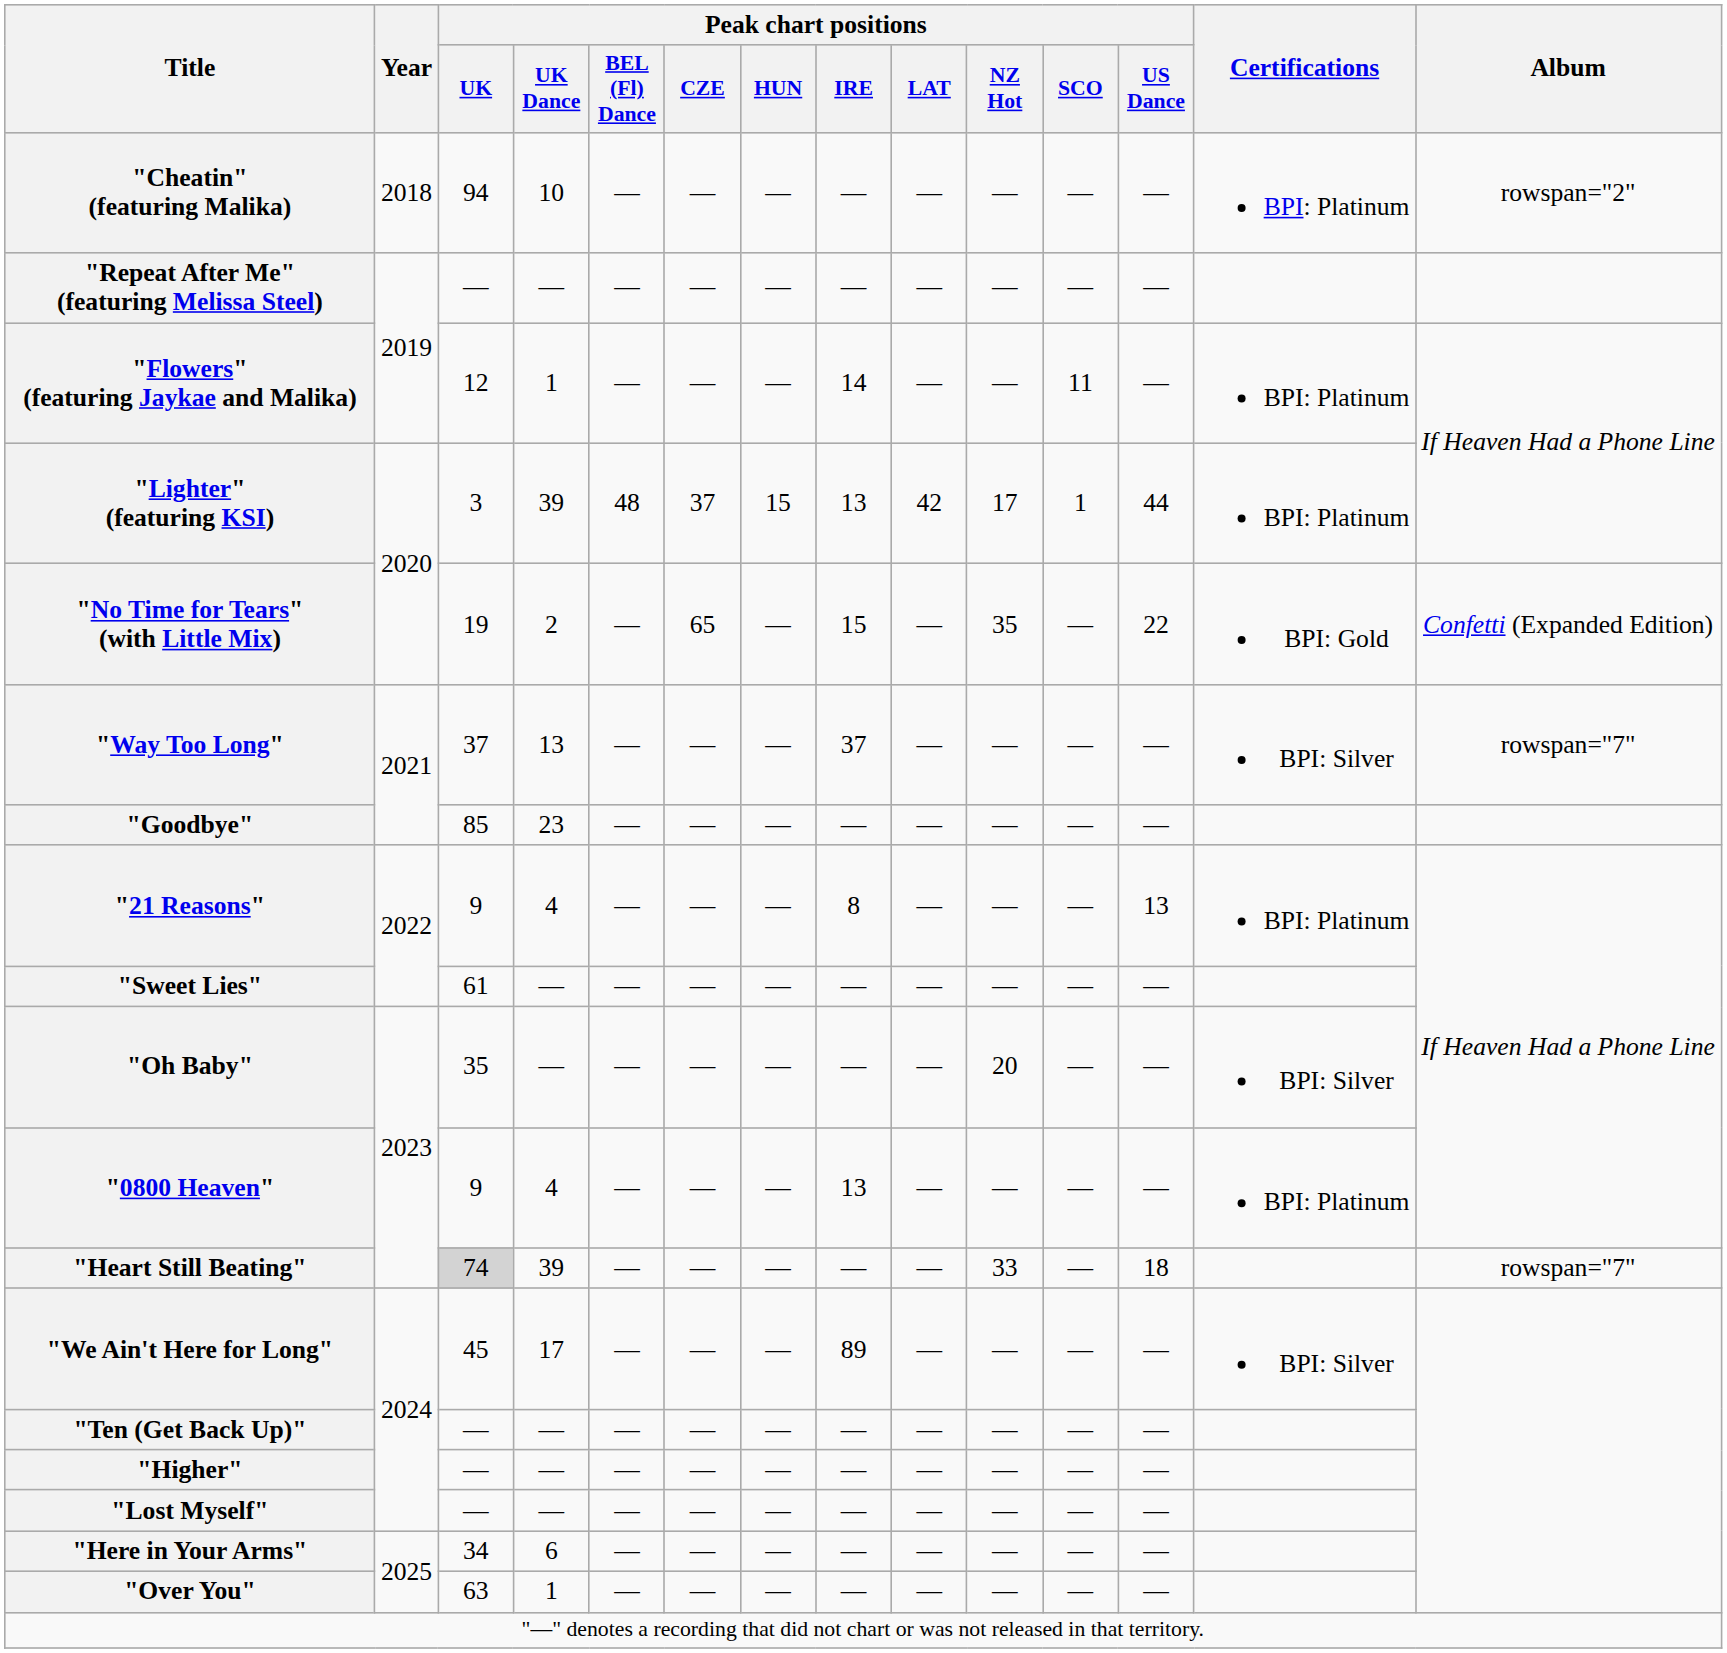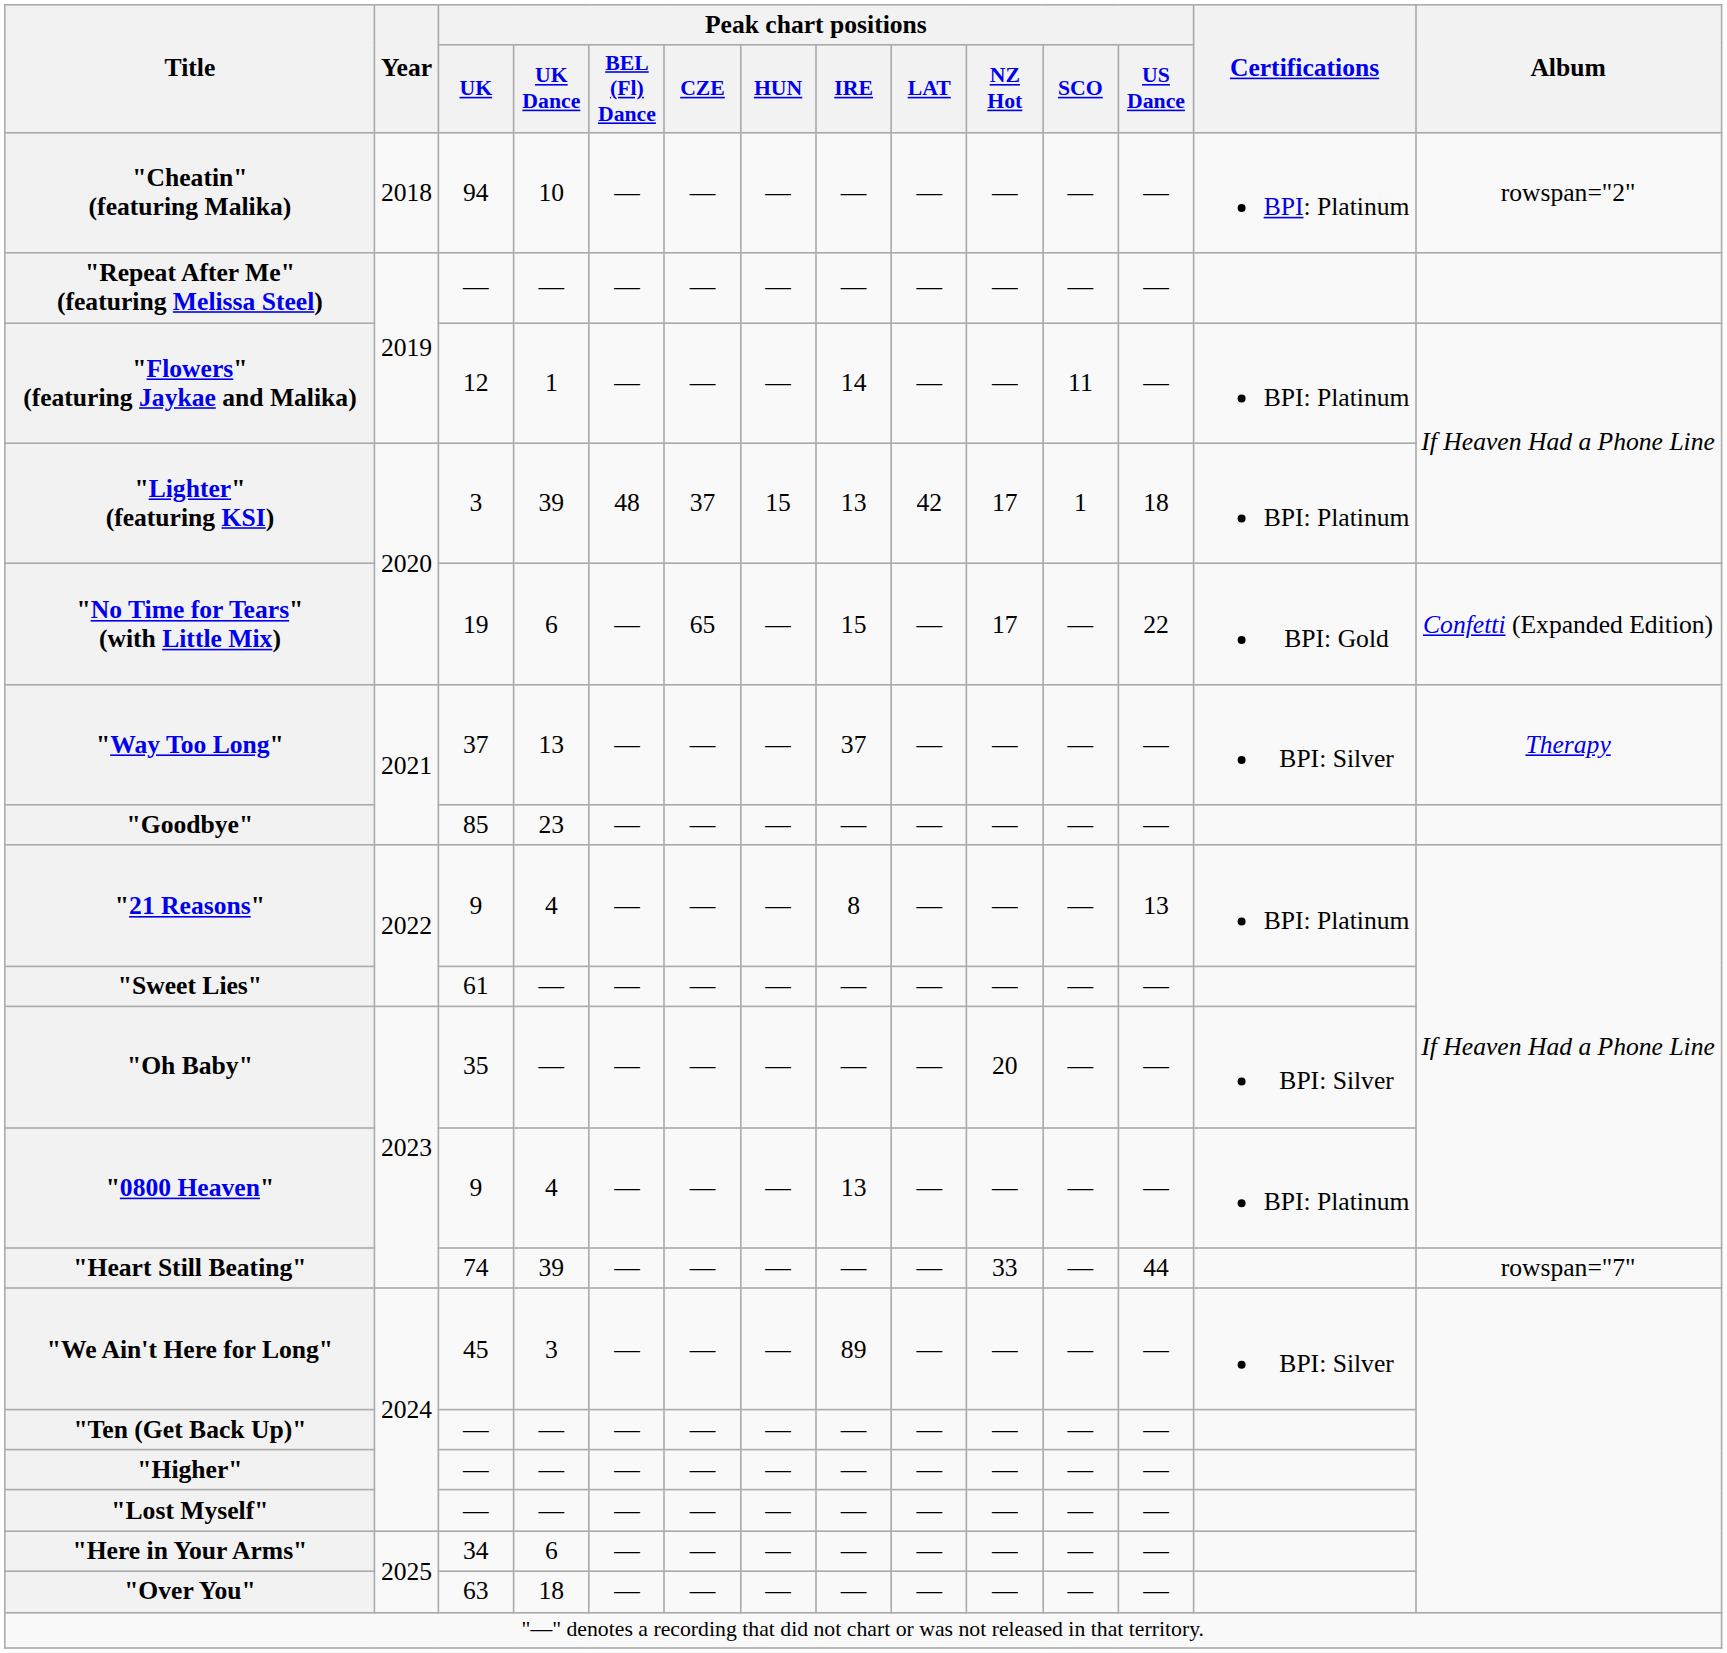 <table class="wikitable plainrowheaders" style="text-align:center;">
 <tr>
 <th scope="col" rowspan="2" style="width:14em;">Title</th>
 <th scope="col" rowspan="2" style="width:1em;">Year</th>
 <th scope="col" colspan="10">Peak chart positions</th>
 <th scope="col" rowspan="2"><a href='#'>Certifications</a></th>
 <th scope="col" rowspan="2">Album</th>
 </tr>
 <tr>
 <th scope="col" style="width:3em;font-size:85%;"><a href='#'>UK</a><br></th>
 <th scope="col" style="width:3em;font-size:85%;"><a href='#'>UK Dance</a><br></th>
 <th scope="col" style="width:3em;font-size:85%;"><a href='#'>BEL (Fl) Dance</a><br></th>
 <th scope="col" style="width:3em;font-size:85%;"><a href='#'>CZE</a><br></th>
 <th scope="col" style="width:3em;font-size:85%;"><a href='#'>HUN</a><br></th>
 <th scope="col" style="width:3em;font-size:85%;"><a href='#'>IRE</a><br></th>
 <th scope="col" style="width:3em;font-size:85%;"><a href='#'>LAT</a><br></th>
 <th scope="col" style="width:3em;font-size:85%;"><a href='#'>NZ<br>Hot</a><br></th>
 <th scope="col" style="width:3em;font-size:85%;"><a href='#'>SCO</a><br></th>
 <th scope="col" style="width:3em;font-size:85%;"><a href='#'>US Dance</a><br></th>
 </tr>
 <tr>
 <th scope="row">"Cheatin"<br><span>(featuring Malika)</span></th>
 <td>2018</td>
 <td>94</td>
 <td>10</td>
 <td>—</td>
 <td>—</td>
 <td>—</td>
 <td>—</td>
 <td>—</td>
 <td>—</td>
 <td>—</td>
 <td>—</td>
 <td><br><ul><li><a href='#'>BPI</a>: Platinum</li></ul></td>
 <td>rowspan="2" </td>
 </tr>
 <tr>
 <th scope="row">"Repeat After Me"<br><span>(featuring <a href='#'>Melissa Steel</a>)</span></th>
 <td rowspan="2">2019</td>
 <td>—</td>
 <td>—</td>
 <td>—</td>
 <td>—</td>
 <td>—</td>
 <td>—</td>
 <td>—</td>
 <td>—</td>
 <td>—</td>
 <td>—</td>
 <td></td>
 </tr>
 <tr>
 <th scope="row">"<a href='#'>Flowers</a>"<br><span>(featuring <a href='#'>Jaykae</a> and Malika)</span></th>
 <td>12</td>
 <td>1</td>
 <td>—</td>
 <td>—</td>
 <td>—</td>
 <td>14</td>
 <td>—</td>
 <td>—</td>
 <td>11</td>
 <td>—</td>
 <td><br><ul><li>BPI: Platinum</li></ul></td>
 <td rowspan="2"><em>If Heaven Had a Phone Line</em></td>
 </tr>
 <tr>
 <th scope="row">"<a href='#'>Lighter</a>"<br><span>(featuring <a href='#'>KSI</a>)</span></th>
 <td rowspan="2">2020</td>
 <td>3</td>
 <td>39</td>
 <td>48</td>
 <td>37</td>
 <td>15</td>
 <td>13</td>
 <td>42</td>
 <td>17</td>
 <td>1</td>
-<td>44</td>
+<td>18</td>
 <td><br><ul><li>BPI: Platinum</li></ul></td>
 </tr>
 <tr>
 <th scope="row">"<a href='#'>No Time for Tears</a>"<br><span>(with <a href='#'>Little Mix</a>)</span></th>
 <td>19</td>
-<td>2</td>
+<td>6</td>
 <td>—</td>
 <td>65</td>
 <td>—</td>
 <td>15</td>
 <td>—</td>
-<td>35</td>
+<td>17</td>
 <td>—</td>
 <td>22</td>
 <td><br><ul><li>BPI: Gold</li></ul></td>
 <td><em><a href='#'>Confetti</a></em> (Expanded Edition)</td>
 </tr>
 <tr>
 <th scope="row">"<a href='#'>Way Too Long</a>" <br></th>
 <td rowspan="2">2021</td>
 <td>37</td>
 <td>13</td>
 <td>—</td>
 <td>—</td>
 <td>—</td>
 <td>37</td>
 <td>—</td>
 <td>—</td>
 <td>—</td>
 <td>—</td>
 <td><br><ul><li>BPI: Silver</li></ul></td>
-<td>rowspan="7" </td>
+<td><em><a href='#'>Therapy</a></em></td>
 </tr>
 <tr>
 <th scope="row">"Goodbye"<br></th>
 <td>85</td>
 <td>23</td>
 <td>—</td>
 <td>—</td>
 <td>—</td>
 <td>—</td>
 <td>—</td>
 <td>—</td>
 <td>—</td>
 <td>—</td>
 <td></td>
 <td></td>
 </tr>
 <tr>
 <th scope="row">"<a href='#'>21 Reasons</a>"<br></th>
 <td rowspan="2">2022</td>
 <td>9</td>
 <td>4</td>
 <td>—</td>
 <td>—</td>
 <td>—</td>
 <td>8</td>
 <td>—</td>
 <td>—</td>
 <td>—</td>
 <td>13</td>
 <td><br><ul><li>BPI: Platinum</li></ul></td>
 <td rowspan="4"><em>If Heaven Had a Phone Line</em></td>
 </tr>
 <tr>
 <th scope="row">"Sweet Lies"<br></th>
 <td>61</td>
 <td>—</td>
 <td>—</td>
 <td>—</td>
 <td>—</td>
 <td>—</td>
 <td>—</td>
 <td>—</td>
 <td>—</td>
 <td>—</td>
 <td></td>
 </tr>
 <tr>
 <th scope="row">"Oh Baby"<br></th>
 <td rowspan="3">2023</td>
 <td>35</td>
 <td>—</td>
 <td>—</td>
 <td>—</td>
 <td>—</td>
 <td>—</td>
 <td>—</td>
 <td>20</td>
 <td>—</td>
 <td>—</td>
 <td><br><ul><li>BPI: Silver</li></ul></td>
 </tr>
 <tr>
 <th scope="row">"<a href='#'>0800 Heaven</a>"<br></th>
 <td>9</td>
 <td>4</td>
 <td>—</td>
 <td>—</td>
 <td>—</td>
 <td>13</td>
 <td>—</td>
 <td>—</td>
 <td>—</td>
 <td>—</td>
 <td><br><ul><li>BPI: Platinum</li></ul></td>
 </tr>
 <tr>
 <th scope="row">"Heart Still Beating"<br></th>
-<td style="background: lightgrey;">74</td>
+<td>74</td>
 <td>39</td>
 <td>—</td>
 <td>—</td>
 <td>—</td>
 <td>—</td>
 <td>—</td>
 <td>33</td>
 <td>—</td>
-<td>18</td>
+<td>44</td>
 <td></td>
 <td>rowspan="7" </td>
 </tr>
 <tr>
 <th scope="row">"We Ain't Here for Long"</th>
 <td rowspan="4">2024</td>
 <td>45</td>
-<td>17</td>
+<td>3</td>
 <td>—</td>
 <td>—</td>
 <td>—</td>
 <td>89</td>
 <td>—</td>
 <td>—</td>
 <td>—</td>
 <td>—</td>
 <td><br><ul><li>BPI: Silver</li></ul></td>
 </tr>
 <tr>
 <th scope="row">"Ten (Get Back Up)"<br></th>
 <td>—</td>
 <td>—</td>
 <td>—</td>
 <td>—</td>
 <td>—</td>
 <td>—</td>
 <td>—</td>
 <td>—</td>
 <td>—</td>
 <td>—</td>
 <td></td>
 </tr>
 <tr>
 <th scope="row">"Higher"<br></th>
 <td>—</td>
 <td>—</td>
 <td>—</td>
 <td>—</td>
 <td>—</td>
 <td>—</td>
 <td>—</td>
 <td>—</td>
 <td>—</td>
 <td>—</td>
 <td></td>
 </tr>
 <tr>
 <th scope="row">"Lost Myself"<br></th>
 <td>—</td>
 <td>—</td>
 <td>—</td>
 <td>—</td>
 <td>—</td>
 <td>—</td>
 <td>—</td>
 <td>—</td>
 <td>—</td>
 <td>—</td>
 <td></td>
 </tr>
 <tr>
 <th scope="row">"Here in Your Arms"<br></th>
 <td rowspan="2">2025</td>
 <td>34</td>
 <td>6</td>
 <td>—</td>
 <td>—</td>
 <td>—</td>
 <td>—</td>
 <td>—</td>
 <td>—</td>
 <td>—</td>
 <td>—</td>
 <td></td>
 </tr>
 <tr>
 <th scope="row">"Over You"<br></th>
 <td>63</td>
-<td>1</td>
+<td>18</td>
 <td>—</td>
 <td>—</td>
 <td>—</td>
 <td>—</td>
 <td>—</td>
 <td>—</td>
 <td>—</td>
 <td>—</td>
 <td></td>
 </tr>
 <tr>
 <td colspan="21" style="font-size:85%">"—" denotes a recording that did not chart or was not released in that territory.</td>
 </tr>
 </table>
